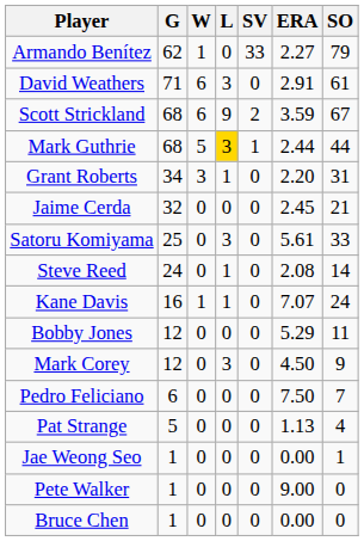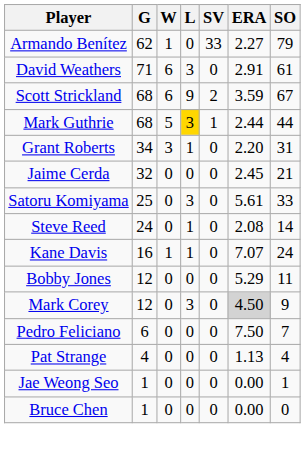 <table class="wikitable sortable">
 <tr>
 <th>Player</th>
 <th>G</th>
 <th>W</th>
 <th>L</th>
 <th>SV</th>
 <th>ERA</th>
 <th>SO</th>
 </tr>
 <tr align=center>
 <td><a href='#'>Armando Benítez</a></td>
 <td>62</td>
 <td>1</td>
 <td>0</td>
 <td>33</td>
 <td>2.27</td>
 <td>79</td>
 </tr>
 <tr align=center>
 <td><a href='#'>David Weathers</a></td>
 <td>71</td>
 <td>6</td>
 <td>3</td>
 <td>0</td>
 <td>2.91</td>
 <td>61</td>
 </tr>
 <tr align=center>
 <td><a href='#'>Scott Strickland</a></td>
 <td>68</td>
 <td>6</td>
 <td>9</td>
 <td>2</td>
 <td>3.59</td>
 <td>67</td>
 </tr>
 <tr align=center>
 <td><a href='#'>Mark Guthrie</a></td>
 <td>68</td>
 <td>5</td>
 <td style="background: gold;">3</td>
 <td>1</td>
 <td>2.44</td>
 <td>44</td>
 </tr>
 <tr align=center>
 <td><a href='#'>Grant Roberts</a></td>
 <td>34</td>
 <td>3</td>
 <td>1</td>
 <td>0</td>
 <td>2.20</td>
 <td>31</td>
 </tr>
 <tr align=center>
 <td><a href='#'>Jaime Cerda</a></td>
 <td>32</td>
 <td>0</td>
 <td>0</td>
 <td>0</td>
 <td>2.45</td>
 <td>21</td>
 </tr>
 <tr align=center>
 <td><a href='#'>Satoru Komiyama</a></td>
 <td>25</td>
 <td>0</td>
 <td>3</td>
 <td>0</td>
 <td>5.61</td>
 <td>33</td>
 </tr>
 <tr align=center>
 <td><a href='#'>Steve Reed</a></td>
 <td>24</td>
 <td>0</td>
 <td>1</td>
 <td>0</td>
 <td>2.08</td>
 <td>14</td>
 </tr>
 <tr align=center>
 <td><a href='#'>Kane Davis</a></td>
 <td>16</td>
 <td>1</td>
 <td>1</td>
 <td>0</td>
 <td>7.07</td>
 <td>24</td>
 </tr>
 <tr align=center>
 <td><a href='#'>Bobby Jones</a></td>
 <td>12</td>
 <td>0</td>
 <td>0</td>
 <td>0</td>
 <td>5.29</td>
 <td>11</td>
 </tr>
 <tr align=center>
 <td><a href='#'>Mark Corey</a></td>
 <td>12</td>
 <td>0</td>
 <td>3</td>
 <td>0</td>
-<td>4.50</td>
+<td style="background: lightgrey;">4.50</td>
 <td>9</td>
 </tr>
 <tr align=center>
 <td><a href='#'>Pedro Feliciano</a></td>
 <td>6</td>
 <td>0</td>
 <td>0</td>
 <td>0</td>
 <td>7.50</td>
 <td>7</td>
 </tr>
 <tr align=center>
 <td><a href='#'>Pat Strange</a></td>
-<td>5</td>
+<td>4</td>
 <td>0</td>
 <td>0</td>
 <td>0</td>
 <td>1.13</td>
 <td>4</td>
 </tr>
 <tr align=center>
 <td><a href='#'>Jae Weong Seo</a></td>
 <td>1</td>
 <td>0</td>
 <td>0</td>
 <td>0</td>
 <td>0.00</td>
 <td>1</td>
 </tr>
 <tr align=center>
-<td><a href='#'>Pete Walker</a></td>
-<td>1</td>
-<td>0</td>
-<td>0</td>
-<td>0</td>
-<td>9.00</td>
-<td>0</td>
-</tr>
-<tr align=center>
 <td><a href='#'>Bruce Chen</a></td>
 <td>1</td>
 <td>0</td>
 <td>0</td>
 <td>0</td>
 <td>0.00</td>
 <td>0</td>
 </tr>
 </table>
